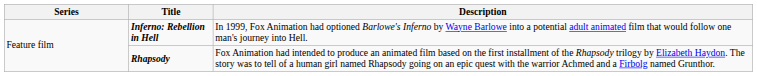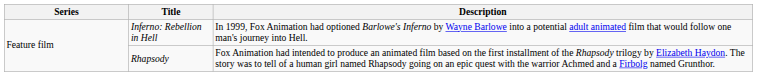 <table class="wikitable">
 <tr>
 <th style="width:150pt;">Series</th>
 <th style="width:100pt;">Title</th>
 <th>Description</th>
 </tr>
 <tr>
 <td rowspan="2">Feature film</td>
-<td><strong><em>Inferno: Rebellion in Hell</em></strong></td>
+<td><em>Inferno: Rebellion in Hell</em></td>
 <td>In 1999, Fox Animation had optioned <em>Barlowe's Inferno</em> by <a href='#'>Wayne Barlowe</a> into a potential <a href='#'>adult animated</a> film that would follow one man's journey into Hell.</td>
 </tr>
 <tr>
-<td><strong><em>Rhapsody</em></strong></td>
+<td><em>Rhapsody</em></td>
 <td>Fox Animation had intended to produce an animated film based on the first installment of the <em>Rhapsody</em> trilogy by <a href='#'>Elizabeth Haydon</a>. The story was to tell of a human girl named Rhapsody going on an epic quest with the warrior Achmed and a <a href='#'>Firbolg</a> named Grunthor.</td>
 </tr>
 </table>
